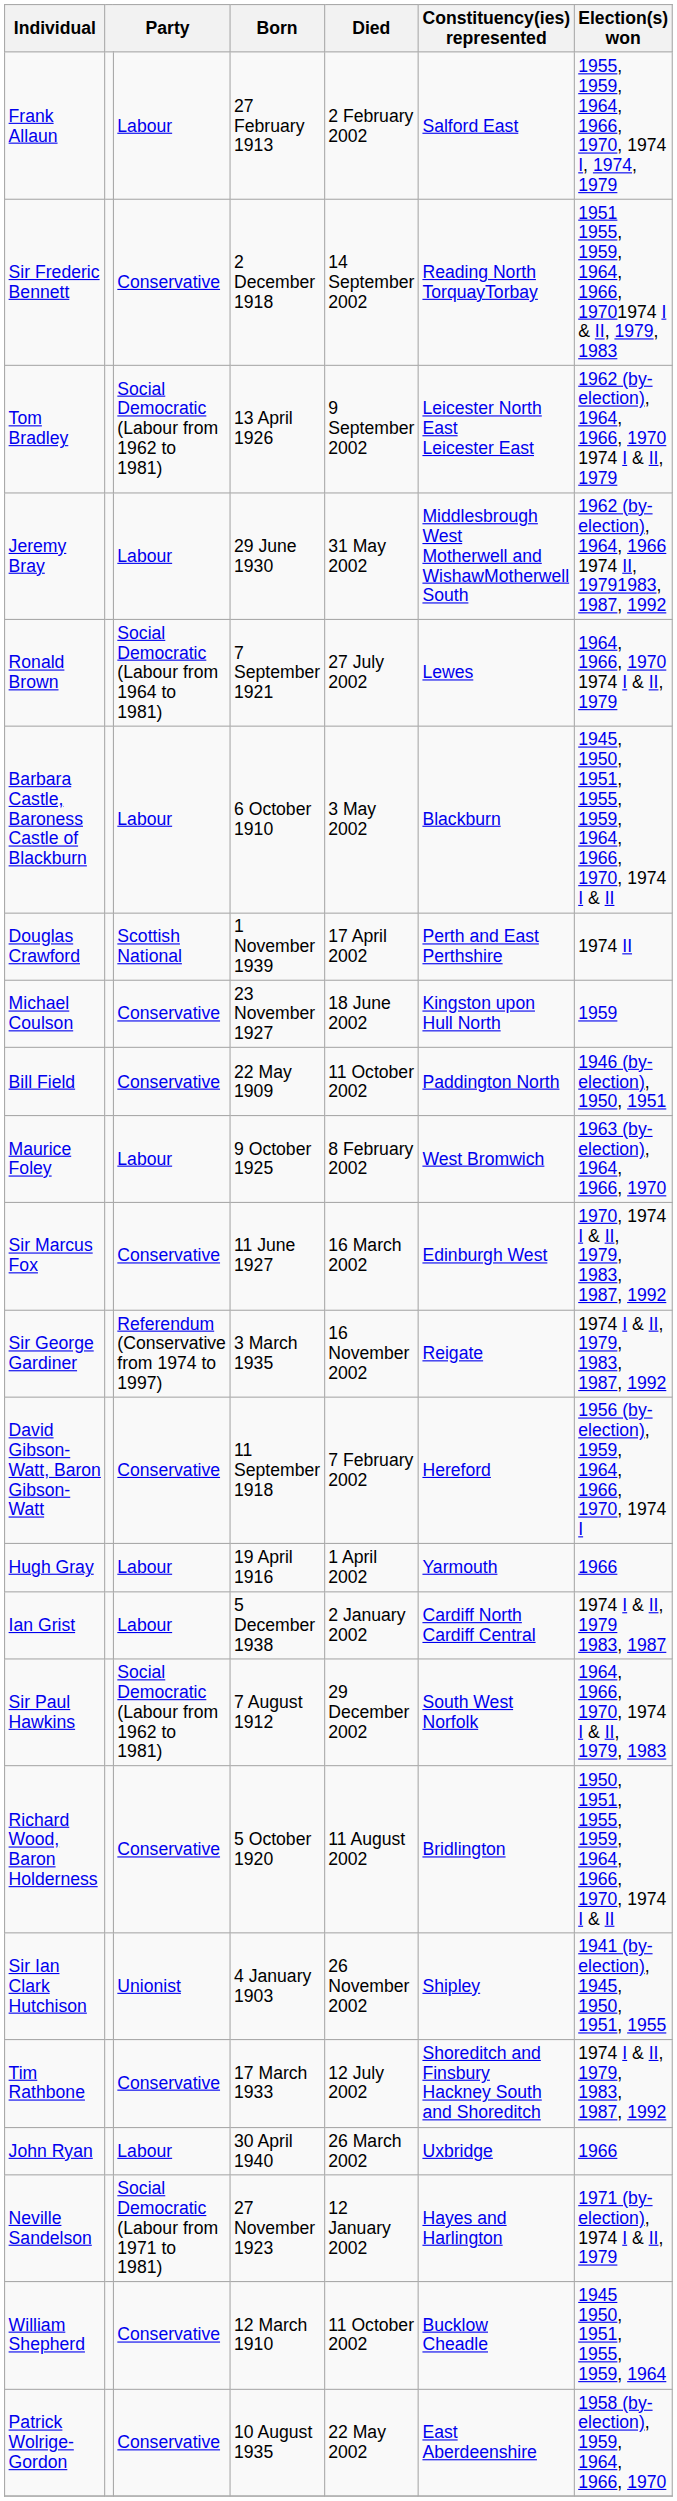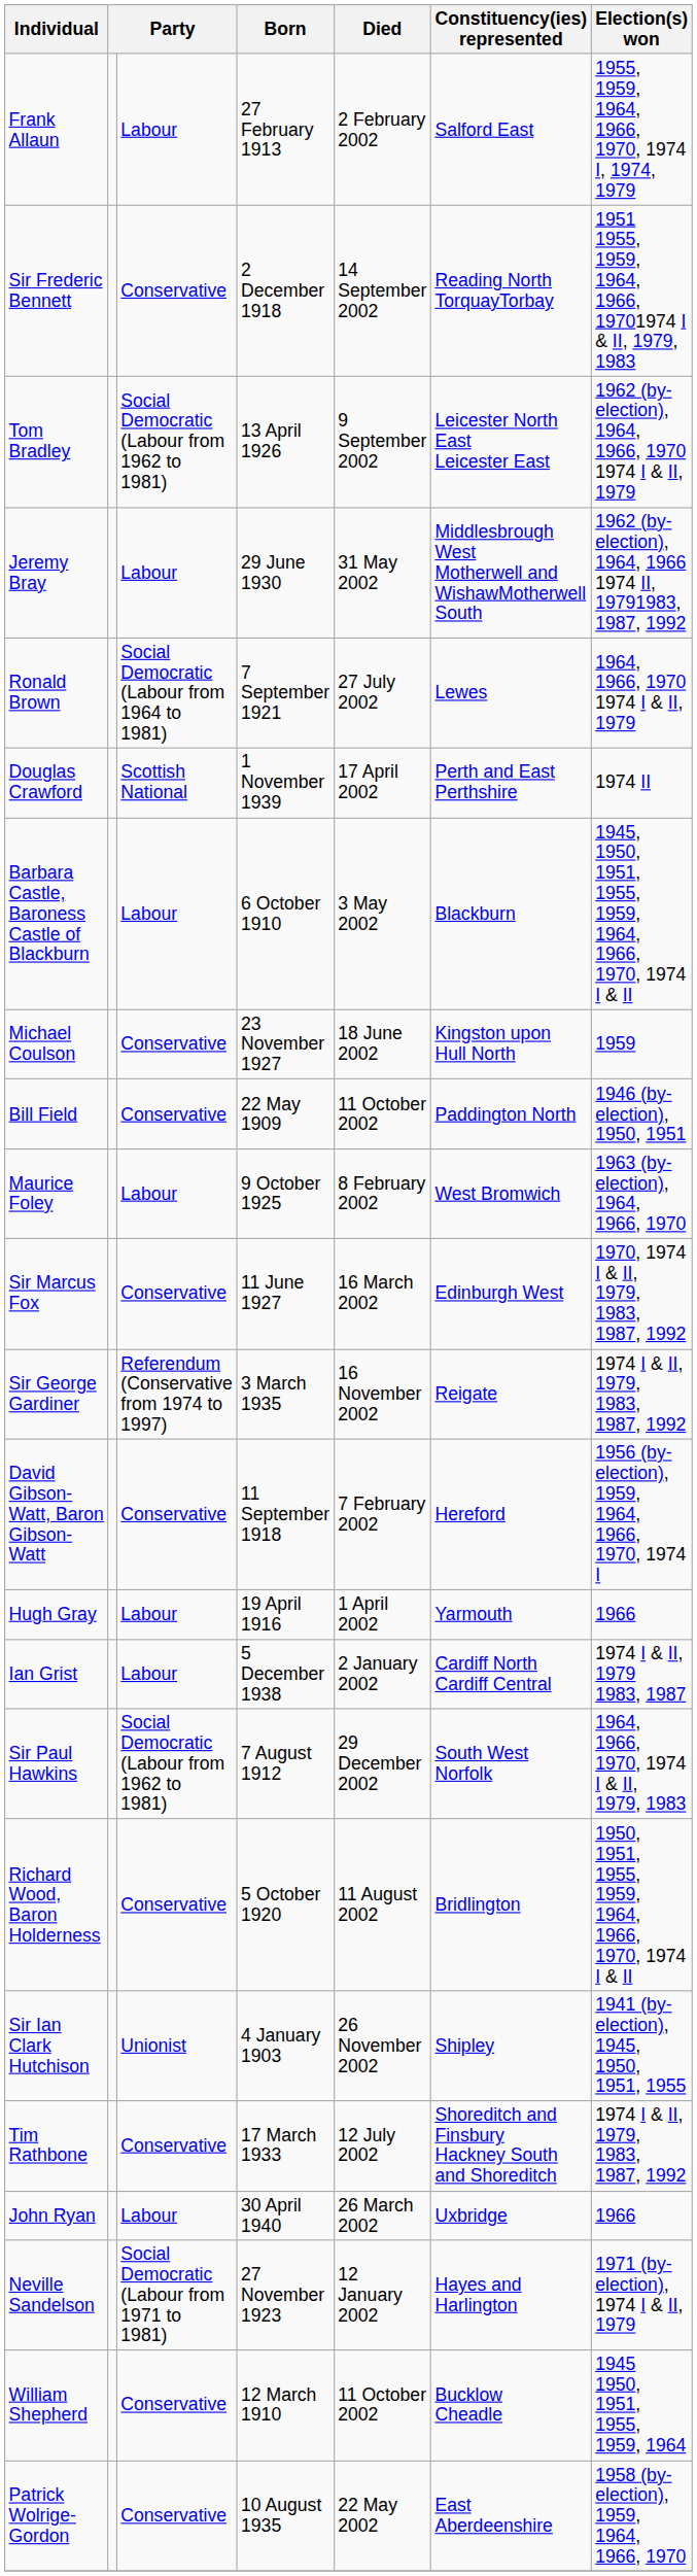 <table class="wikitable sortable">
 <tr>
 <th width="260px">Individual</th>
 <th colspan="2">Party</th>
 <th>Born</th>
 <th>Died</th>
 <th>Constituency(ies) represented</th>
 <th>Election(s) won</th>
 </tr>
 <tr>
 <td><a href='#'>Frank Allaun</a></td>
 <td style="background-color: "></td>
 <td><a href='#'>Labour</a></td>
 <td>27 February 1913</td>
 <td>2 February 2002</td>
 <td><a href='#'>Salford East</a></td>
 <td><a href='#'>1955</a>, <a href='#'>1959</a>, <a href='#'>1964</a>, <a href='#'>1966</a>, <a href='#'>1970</a>, 1974 <a href='#'>I</a>, <a href='#'>1974</a>, <a href='#'>1979</a></td>
 </tr>
 <tr>
 <td><a href='#'>Sir Frederic Bennett</a></td>
 <td style="background-color: "></td>
 <td><a href='#'>Conservative</a></td>
 <td>2 December 1918</td>
 <td>14 September 2002</td>
 <td><a href='#'>Reading North</a><br><a href='#'>Torquay</a><a href='#'>Torbay</a></td>
 <td><a href='#'>1951</a><br><a href='#'>1955</a>, <a href='#'>1959</a>, <a href='#'>1964</a>, <a href='#'>1966</a>, <a href='#'>1970</a>1974 <a href='#'>I</a> & <a href='#'>II</a>, <a href='#'>1979</a>, <a href='#'>1983</a></td>
 </tr>
 <tr>
 <td><a href='#'>Tom Bradley</a></td>
 <td style="background-color: "></td>
 <td><a href='#'>Social Democratic</a> (Labour from 1962 to 1981)</td>
 <td>13 April 1926</td>
 <td>9 September 2002</td>
 <td><a href='#'>Leicester North East</a><br><a href='#'>Leicester East</a></td>
 <td><a href='#'>1962 (by-election)</a>, <a href='#'>1964</a>, <a href='#'>1966</a>, <a href='#'>1970</a><br>1974 <a href='#'>I</a> & <a href='#'>II</a>, <a href='#'>1979</a></td>
 </tr>
 <tr>
 <td><a href='#'>Jeremy Bray</a></td>
 <td style="background-color: "></td>
 <td><a href='#'>Labour</a></td>
 <td>29 June 1930</td>
 <td>31 May 2002</td>
 <td><a href='#'>Middlesbrough West</a><br><a href='#'>Motherwell and Wishaw</a><a href='#'>Motherwell South</a></td>
 <td><a href='#'>1962 (by-election)</a>, <a href='#'>1964</a>, <a href='#'>1966</a><br>1974 <a href='#'>II</a>, <a href='#'>1979</a><a href='#'>1983</a>, <a href='#'>1987</a>, <a href='#'>1992</a></td>
 </tr>
 <tr>
 <td><a href='#'>Ronald Brown</a></td>
 <td style="background-color: "></td>
 <td><a href='#'>Social Democratic</a> (Labour from 1964 to 1981)</td>
 <td>7 September 1921</td>
 <td>27 July 2002</td>
 <td><a href='#'>Lewes</a></td>
 <td><a href='#'>1964</a>, <a href='#'>1966</a>, <a href='#'>1970</a><br>1974 <a href='#'>I</a> & <a href='#'>II</a>, <a href='#'>1979</a></td>
 </tr>
 <tr>
+<td><a href='#'>Douglas Crawford</a></td>
+<td style="background-color: "></td>
+<td><a href='#'>Scottish National</a></td>
+<td>1 November 1939</td>
+<td>17 April 2002</td>
+<td><a href='#'>Perth and East Perthshire</a></td>
+<td>1974 <a href='#'>II</a></td>
+</tr>
+<tr>
 <td><a href='#'>Barbara Castle, Baroness Castle of Blackburn</a></td>
 <td style="background-color: "></td>
 <td><a href='#'>Labour</a></td>
 <td>6 October 1910</td>
 <td>3 May 2002</td>
 <td><a href='#'>Blackburn</a></td>
 <td><a href='#'>1945</a>, <a href='#'>1950</a>, <a href='#'>1951</a>, <a href='#'>1955</a>, <a href='#'>1959</a>, <a href='#'>1964</a>, <a href='#'>1966</a>, <a href='#'>1970</a>, 1974 <a href='#'>I</a> & <a href='#'>II</a></td>
-</tr>
-<tr>
-<td><a href='#'>Douglas Crawford</a></td>
-<td style="background-color: "></td>
-<td><a href='#'>Scottish National</a></td>
-<td>1 November 1939</td>
-<td>17 April 2002</td>
-<td><a href='#'>Perth and East Perthshire</a></td>
-<td>1974 <a href='#'>II</a></td>
 </tr>
 <tr>
 <td><a href='#'>Michael Coulson</a></td>
 <td style="background-color: "></td>
 <td><a href='#'>Conservative</a></td>
 <td>23 November 1927</td>
 <td>18 June 2002</td>
 <td><a href='#'>Kingston upon Hull North</a></td>
 <td><a href='#'>1959</a></td>
 </tr>
 <tr>
 <td><a href='#'>Bill Field</a></td>
 <td style="background-color: "></td>
 <td><a href='#'>Conservative</a></td>
 <td>22 May 1909</td>
 <td>11 October 2002</td>
 <td><a href='#'>Paddington North</a></td>
 <td><a href='#'>1946 (by-election)</a>, <a href='#'>1950</a>, <a href='#'>1951</a></td>
 </tr>
 <tr>
 <td><a href='#'>Maurice Foley</a></td>
 <td style="background-color: "></td>
 <td><a href='#'>Labour</a></td>
 <td>9 October 1925</td>
 <td>8 February 2002</td>
 <td><a href='#'>West Bromwich</a></td>
 <td><a href='#'>1963 (by-election)</a>, <a href='#'>1964</a>, <a href='#'>1966</a>, <a href='#'>1970</a></td>
 </tr>
 <tr>
 <td><a href='#'>Sir Marcus Fox</a></td>
 <td style="background-color: "></td>
 <td><a href='#'>Conservative</a></td>
 <td>11 June 1927</td>
 <td>16 March 2002</td>
 <td><a href='#'>Edinburgh West</a></td>
 <td><a href='#'>1970</a>, 1974 <a href='#'>I</a> & <a href='#'>II</a>, <a href='#'>1979</a>, <a href='#'>1983</a>, <a href='#'>1987</a>, <a href='#'>1992</a></td>
 </tr>
 <tr>
 <td><a href='#'>Sir George Gardiner</a></td>
 <td style="background-color: "></td>
 <td><a href='#'>Referendum</a> (Conservative from 1974 to 1997)</td>
 <td>3 March 1935</td>
 <td>16 November 2002</td>
 <td><a href='#'>Reigate</a></td>
 <td>1974 <a href='#'>I</a> & <a href='#'>II</a>, <a href='#'>1979</a>, <a href='#'>1983</a>, <a href='#'>1987</a>, <a href='#'>1992</a></td>
 </tr>
 <tr>
 <td><a href='#'>David Gibson-Watt, Baron Gibson-Watt</a></td>
 <td style="background-color: "></td>
 <td><a href='#'>Conservative</a></td>
 <td>11 September 1918</td>
 <td>7 February 2002</td>
 <td><a href='#'>Hereford</a></td>
 <td><a href='#'>1956 (by-election)</a>, <a href='#'>1959</a>, <a href='#'>1964</a>, <a href='#'>1966</a>, <a href='#'>1970</a>, 1974 <a href='#'>I</a></td>
 </tr>
 <tr>
 <td><a href='#'>Hugh Gray</a></td>
 <td style="background-color: "></td>
 <td><a href='#'>Labour</a></td>
 <td>19 April 1916</td>
 <td>1 April 2002</td>
 <td><a href='#'>Yarmouth</a></td>
 <td><a href='#'>1966</a></td>
 </tr>
 <tr>
 <td><a href='#'>Ian Grist</a></td>
 <td style="background-color: "></td>
 <td><a href='#'>Labour</a></td>
 <td>5 December 1938</td>
 <td>2 January 2002</td>
 <td><a href='#'>Cardiff North</a><br><a href='#'>Cardiff Central</a></td>
 <td>1974 <a href='#'>I</a> & <a href='#'>II</a>, <a href='#'>1979</a><br><a href='#'>1983</a>, <a href='#'>1987</a></td>
 </tr>
 <tr>
 <td><a href='#'>Sir Paul Hawkins</a></td>
 <td style="background-color: "></td>
 <td><a href='#'>Social Democratic</a> (Labour from 1962 to 1981)</td>
 <td>7 August 1912</td>
 <td>29 December 2002</td>
 <td><a href='#'>South West Norfolk</a></td>
 <td><a href='#'>1964</a>, <a href='#'>1966</a>, <a href='#'>1970</a>, 1974 <a href='#'>I</a> & <a href='#'>II</a>, <a href='#'>1979</a>, <a href='#'>1983</a></td>
 </tr>
 <tr>
 <td><a href='#'>Richard Wood, Baron Holderness</a></td>
 <td style="background-color: "></td>
 <td><a href='#'>Conservative</a></td>
 <td>5 October 1920</td>
 <td>11 August 2002</td>
 <td><a href='#'>Bridlington</a></td>
 <td><a href='#'>1950</a>, <a href='#'>1951</a>, <a href='#'>1955</a>, <a href='#'>1959</a>, <a href='#'>1964</a>, <a href='#'>1966</a>, <a href='#'>1970</a>, 1974 <a href='#'>I</a> & <a href='#'>II</a></td>
 </tr>
 <tr>
 <td><a href='#'>Sir Ian Clark Hutchison</a></td>
 <td style="background-color: "></td>
 <td><a href='#'>Unionist</a></td>
 <td>4 January 1903</td>
 <td>26 November 2002</td>
 <td><a href='#'>Shipley</a></td>
 <td><a href='#'>1941 (by-election)</a>, <a href='#'>1945</a>, <a href='#'>1950</a>, <a href='#'>1951</a>, <a href='#'>1955</a></td>
 </tr>
 <tr>
 <td><a href='#'>Tim Rathbone</a></td>
 <td style="background-color: "></td>
 <td><a href='#'>Conservative</a></td>
 <td>17 March 1933</td>
 <td>12 July 2002</td>
 <td><a href='#'>Shoreditch and Finsbury</a><br><a href='#'>Hackney South and Shoreditch</a></td>
 <td>1974 <a href='#'>I</a> & <a href='#'>II</a>, <a href='#'>1979</a>, <a href='#'>1983</a>, <a href='#'>1987</a>, <a href='#'>1992</a></td>
 </tr>
 <tr>
 <td><a href='#'>John Ryan</a></td>
 <td style="background-color: "></td>
 <td><a href='#'>Labour</a></td>
 <td>30 April 1940</td>
 <td>26 March 2002</td>
 <td><a href='#'>Uxbridge</a></td>
 <td><a href='#'>1966</a></td>
 </tr>
 <tr>
 <td><a href='#'>Neville Sandelson</a></td>
 <td style="background-color: "></td>
 <td><a href='#'>Social Democratic</a> (Labour from 1971 to 1981)</td>
 <td>27 November 1923</td>
 <td>12 January 2002</td>
 <td><a href='#'>Hayes and Harlington</a></td>
 <td><a href='#'>1971 (by-election)</a>, 1974 <a href='#'>I</a> & <a href='#'>II</a>, <a href='#'>1979</a></td>
 </tr>
 <tr>
 <td><a href='#'>William Shepherd</a></td>
 <td style="background-color: "></td>
 <td><a href='#'>Conservative</a></td>
 <td>12 March 1910</td>
 <td>11 October 2002</td>
 <td><a href='#'>Bucklow</a><br><a href='#'>Cheadle</a></td>
 <td><a href='#'>1945</a><br><a href='#'>1950</a>, <a href='#'>1951</a>, <a href='#'>1955</a>, <a href='#'>1959</a>, <a href='#'>1964</a></td>
 </tr>
 <tr>
 <td><a href='#'>Patrick Wolrige-Gordon</a></td>
 <td style="background-color: "></td>
 <td><a href='#'>Conservative</a></td>
 <td>10 August 1935</td>
 <td>22 May 2002</td>
 <td><a href='#'>East Aberdeenshire</a></td>
 <td><a href='#'>1958 (by-election)</a>, <a href='#'>1959</a>, <a href='#'>1964</a>, <a href='#'>1966</a>, <a href='#'>1970</a></td>
 </tr>
 <tr>
 </tr>
 </table>
